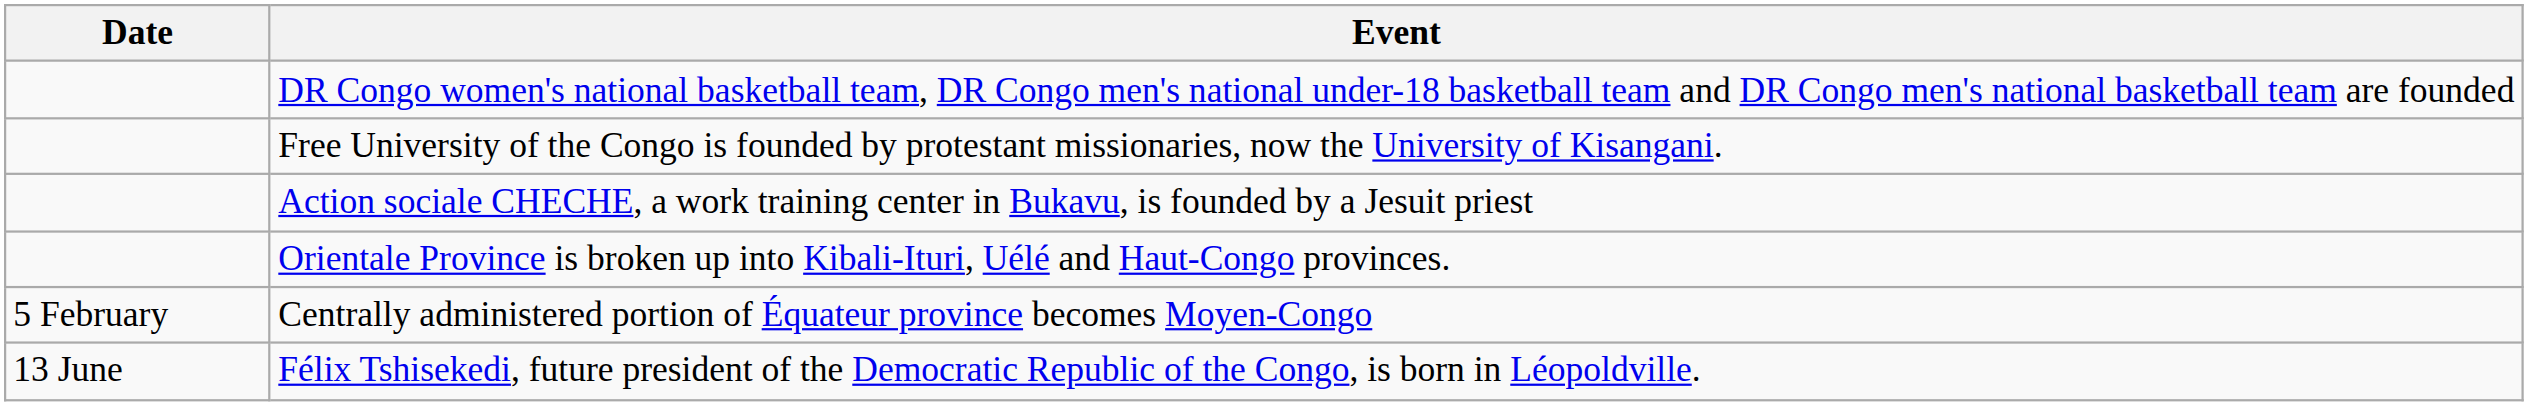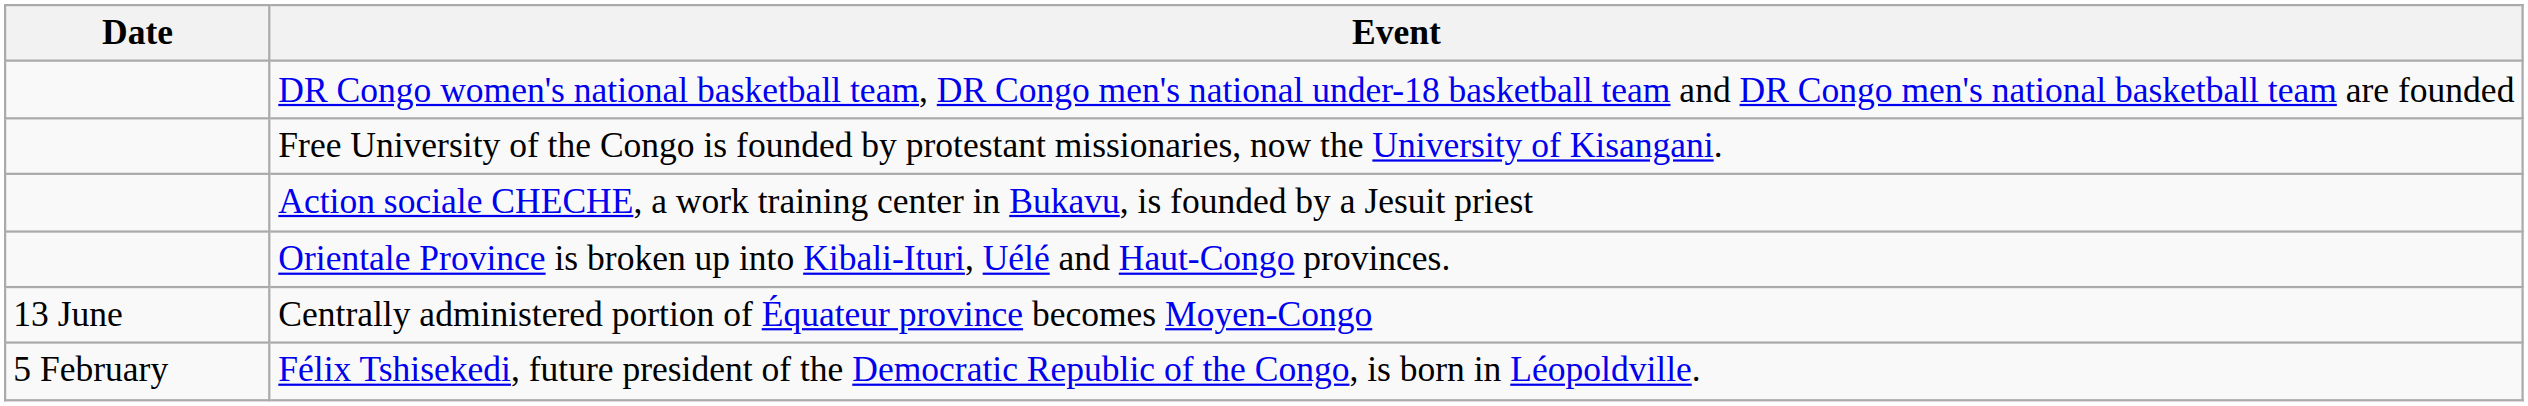 <table class=wikitable>
 <tr>
 <th style="width:7em">Date</th>
 <th>Event</th>
 </tr>
 <tr>
 <td></td>
 <td><a href='#'>DR Congo women's national basketball team</a>, <a href='#'>DR Congo men's national under-18 basketball team</a> and <a href='#'>DR Congo men's national basketball team</a> are founded</td>
 </tr>
 <tr>
 <td></td>
 <td>Free University of the Congo is founded by protestant missionaries, now the <a href='#'>University of Kisangani</a>.</td>
 </tr>
 <tr>
 <td></td>
 <td><a href='#'>Action sociale CHECHE</a>, a work training center in <a href='#'>Bukavu</a>, is founded by a Jesuit priest</td>
 </tr>
 <tr>
 <td></td>
 <td><a href='#'>Orientale Province</a> is broken up into <a href='#'>Kibali-Ituri</a>, <a href='#'>Uélé</a> and <a href='#'>Haut-Congo</a> provinces.</td>
 </tr>
 <tr>
-<td>5 February</td>
+<td>13 June</td>
 <td>Centrally administered portion of  <a href='#'>Équateur province</a> becomes <a href='#'>Moyen-Congo</a></td>
 </tr>
 <tr>
-<td>13 June</td>
+<td>5 February</td>
 <td><a href='#'>Félix Tshisekedi</a>, future president of the <a href='#'>Democratic Republic of the Congo</a>, is born in <a href='#'>Léopoldville</a>.</td>
 </tr>
 </table>
